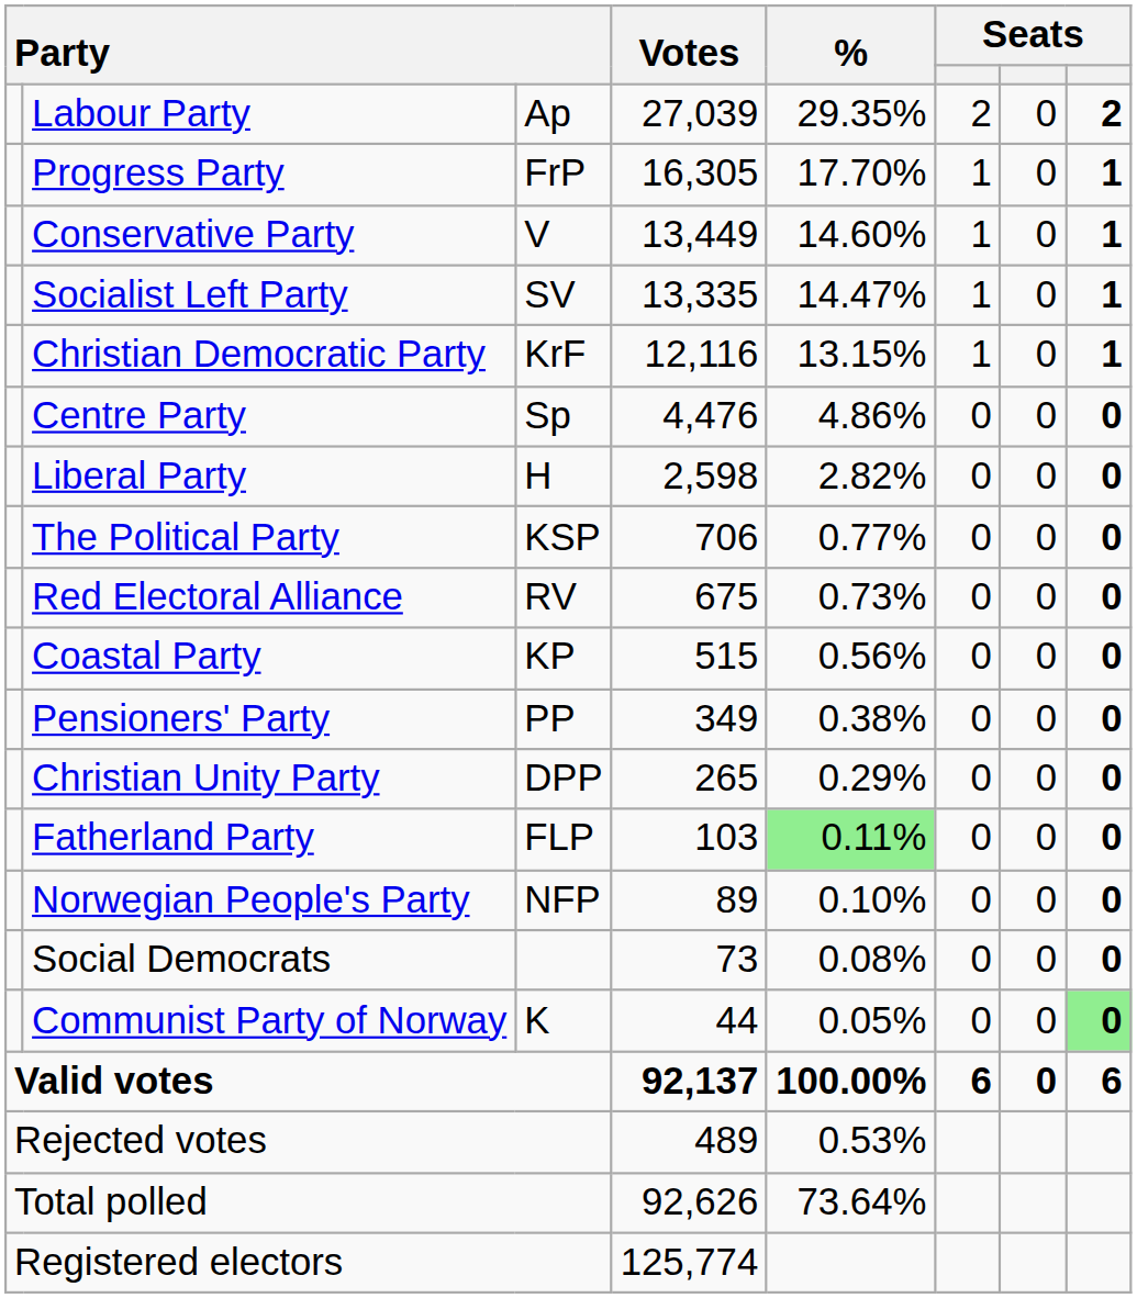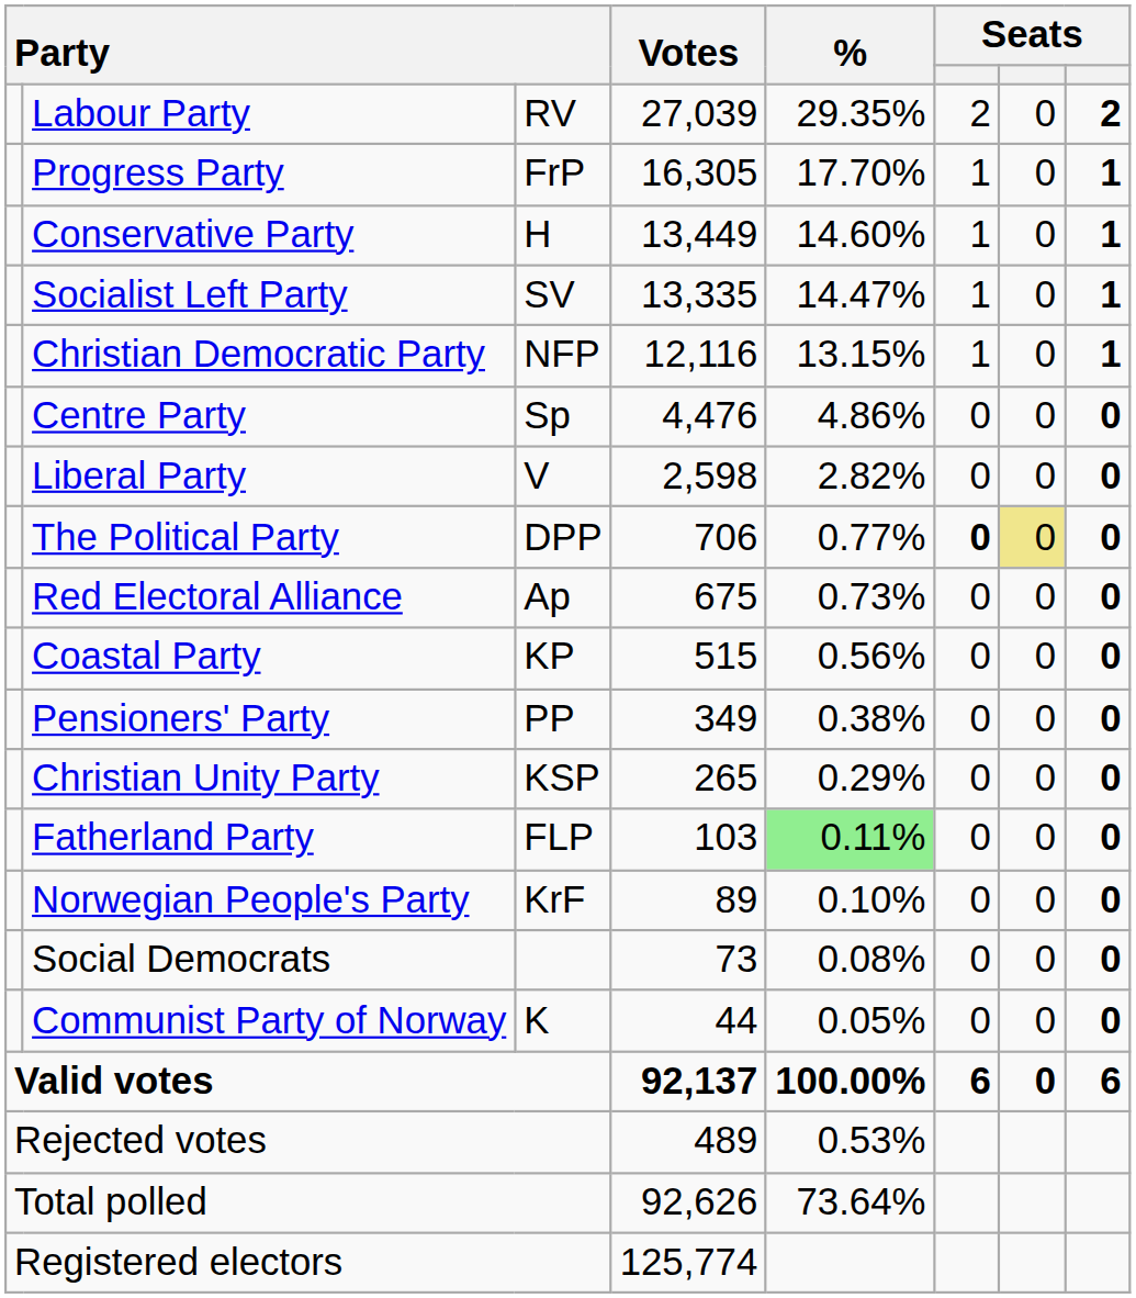 <table class="wikitable" border="1" style="text-align:right;">
 <tr>
 <th style="text-align:left;" valign=bottom rowspan=2 colspan=3>Party</th>
 <th align=center valign=bottom rowspan=2 width="50">Votes</th>
 <th align=center valign=bottom rowspan=2 width="50">%</th>
 <th colspan=3>Seats</th>
 </tr>
 <tr>
 <th align=center valign=bottom width="20"><small></small></th>
 <th align=center valign=bottom width="20"><small><a href='#'></a></small></th>
 <th align=center valign=bottom width="20"><small></small></th>
 </tr>
 <tr>
 <td style="color:inherit;background:"></td>
 <td align=left><a href='#'>Labour Party</a></td>
-<td align=left>Ap</td>
+<td align=left>RV</td>
 <td>27,039</td>
 <td>29.35%</td>
 <td>2</td>
 <td>0</td>
 <td><strong>2</strong></td>
 </tr>
 <tr>
 <td style="color:inherit;background:"></td>
 <td align=left><a href='#'>Progress Party</a></td>
 <td align=left>FrP</td>
 <td>16,305</td>
 <td>17.70%</td>
 <td>1</td>
 <td>0</td>
 <td><strong>1</strong></td>
 </tr>
 <tr>
 <td style="color:inherit;background:"></td>
 <td align=left><a href='#'>Conservative Party</a></td>
-<td align=left>V</td>
+<td align=left>H</td>
 <td>13,449</td>
 <td>14.60%</td>
 <td>1</td>
 <td>0</td>
 <td><strong>1</strong></td>
 </tr>
 <tr>
 <td style="color:inherit;background:"></td>
 <td align=left><a href='#'>Socialist Left Party</a></td>
 <td align=left>SV</td>
 <td>13,335</td>
 <td>14.47%</td>
 <td>1</td>
 <td>0</td>
 <td><strong>1</strong></td>
 </tr>
 <tr>
 <td style="color:inherit;background:"></td>
 <td align=left><a href='#'>Christian Democratic Party</a></td>
-<td align=left>KrF</td>
+<td align=left>NFP</td>
 <td>12,116</td>
 <td>13.15%</td>
 <td>1</td>
 <td>0</td>
 <td><strong>1</strong></td>
 </tr>
 <tr>
 <td style="color:inherit;background:"></td>
 <td align=left><a href='#'>Centre Party</a></td>
 <td align=left>Sp</td>
 <td>4,476</td>
 <td>4.86%</td>
 <td>0</td>
 <td>0</td>
 <td><strong>0</strong></td>
 </tr>
 <tr>
 <td style="color:inherit;background:"></td>
 <td align=left><a href='#'>Liberal Party</a></td>
-<td align=left>H</td>
+<td align=left>V</td>
 <td>2,598</td>
 <td>2.82%</td>
 <td>0</td>
 <td>0</td>
 <td><strong>0</strong></td>
 </tr>
 <tr>
 <td style="color:inherit;background:"></td>
 <td align=left><a href='#'>The Political Party</a></td>
-<td align=left>KSP</td>
+<td align=left>DPP</td>
 <td>706</td>
 <td>0.77%</td>
-<td>0</td>
-<td>0</td>
+<td><strong>0</strong></td>
+<td style="background: khaki;">0</td>
 <td><strong>0</strong></td>
 </tr>
 <tr>
 <td style="color:inherit;background:"></td>
 <td align=left><a href='#'>Red Electoral Alliance</a></td>
-<td align=left>RV</td>
+<td align=left>Ap</td>
 <td>675</td>
 <td>0.73%</td>
 <td>0</td>
 <td>0</td>
 <td><strong>0</strong></td>
 </tr>
 <tr>
 <td style="color:inherit;background:"></td>
 <td align=left><a href='#'>Coastal Party</a></td>
 <td align=left>KP</td>
 <td>515</td>
 <td>0.56%</td>
 <td>0</td>
 <td>0</td>
 <td><strong>0</strong></td>
 </tr>
 <tr>
 <td style="color:inherit;background:"></td>
 <td align=left><a href='#'>Pensioners' Party</a></td>
 <td align=left>PP</td>
 <td>349</td>
 <td>0.38%</td>
 <td>0</td>
 <td>0</td>
 <td><strong>0</strong></td>
 </tr>
 <tr>
 <td style="color:inherit;background:"></td>
 <td align=left><a href='#'>Christian Unity Party</a></td>
-<td align=left>DPP</td>
+<td align=left>KSP</td>
 <td>265</td>
 <td>0.29%</td>
 <td>0</td>
 <td>0</td>
 <td><strong>0</strong></td>
 </tr>
 <tr>
 <td style="color:inherit;background:"></td>
 <td align=left><a href='#'>Fatherland Party</a></td>
 <td align=left>FLP</td>
 <td>103</td>
 <td style="background: lightgreen;">0.11%</td>
 <td>0</td>
 <td>0</td>
 <td><strong>0</strong></td>
 </tr>
 <tr>
 <td style="color:inherit;background:"></td>
 <td align=left><a href='#'>Norwegian People's Party</a></td>
-<td align=left>NFP</td>
+<td align=left>KrF</td>
 <td>89</td>
 <td>0.10%</td>
 <td>0</td>
 <td>0</td>
 <td><strong>0</strong></td>
 </tr>
 <tr>
 <td></td>
 <td align=left>Social Democrats</td>
 <td align=left></td>
 <td>73</td>
 <td>0.08%</td>
 <td>0</td>
 <td>0</td>
 <td><strong>0</strong></td>
 </tr>
 <tr>
 <td style="color:inherit;background:"></td>
 <td align=left><a href='#'>Communist Party of Norway</a></td>
 <td align=left>K</td>
 <td>44</td>
 <td>0.05%</td>
 <td>0</td>
 <td>0</td>
-<td style="background: lightgreen;"><strong>0</strong></td>
+<td><strong>0</strong></td>
 </tr>
 <tr style="font-weight:bold">
 <td align=left colspan=3>Valid votes</td>
 <td>92,137</td>
 <td>100.00%</td>
 <td>6</td>
 <td>0</td>
 <td>6</td>
 </tr>
 <tr>
 <td align=left colspan=3>Rejected votes</td>
 <td>489</td>
 <td>0.53%</td>
 <td></td>
 <td></td>
 <td></td>
 </tr>
 <tr>
 <td align=left colspan=3>Total polled</td>
 <td>92,626</td>
 <td>73.64%</td>
 <td></td>
 <td></td>
 <td></td>
 </tr>
 <tr>
 <td align=left colspan=3>Registered electors</td>
 <td>125,774</td>
 <td></td>
 <td></td>
 <td></td>
 <td></td>
 </tr>
 </table>
